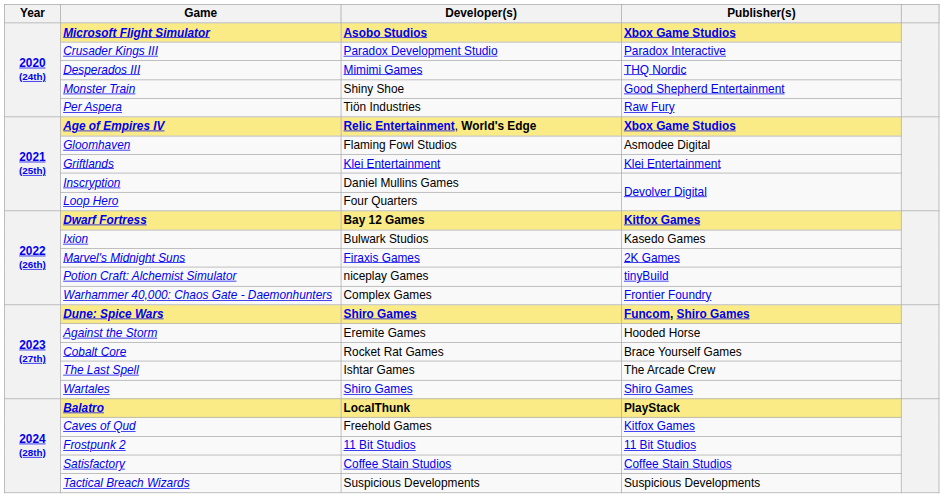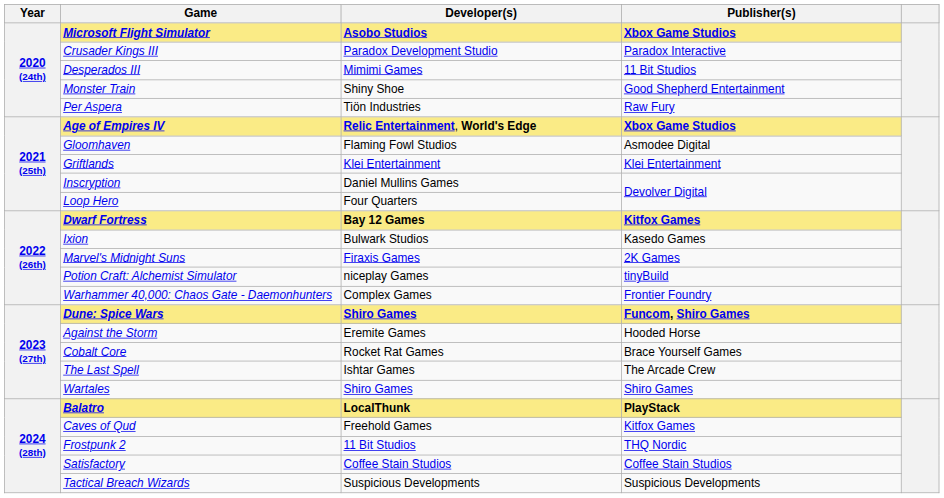 <table class="wikitable sortable" style="width:100%;">
 <tr style="background:#bebebe">
 <th scope="col" style="width:6%;">Year</th>
 <th scope="col" style="width:30%;">Game</th>
 <th scope="col" style="width:30%;">Developer(s)</th>
 <th scope="col" style="width:30%;">Publisher(s)</th>
 <th scope="col" style="width:4%;" class="unsortable"></th>
 </tr>
 <tr>
 <th scope="row" rowspan="5" style="text-align:center"><a href='#'>2020</a> <br><small><a href='#'>(24th)</a> </small></th>
 <td style="background:#FAEB86"><strong><em><a href='#'>Microsoft Flight Simulator</a></em></strong></td>
 <td style="background:#FAEB86"><strong><a href='#'>Asobo Studios</a></strong></td>
 <td style="background:#FAEB86"><strong><a href='#'>Xbox Game Studios</a></strong></td>
 <th scope="row" rowspan="5" style="text-align;center;"></th>
 </tr>
 <tr>
 <td><em><a href='#'>Crusader Kings III</a></em></td>
 <td><a href='#'>Paradox Development Studio</a></td>
 <td><a href='#'>Paradox Interactive</a></td>
 </tr>
 <tr>
 <td><em><a href='#'>Desperados III</a></em></td>
 <td><a href='#'>Mimimi Games</a></td>
-<td><a href='#'>THQ Nordic</a></td>
+<td><a href='#'>11 Bit Studios</a></td>
 </tr>
 <tr>
 <td><em><a href='#'>Monster Train</a></em></td>
 <td>Shiny Shoe</td>
 <td><a href='#'>Good Shepherd Entertainment</a></td>
 </tr>
 <tr>
 <td><em><a href='#'>Per Aspera</a></em></td>
 <td>Tiön Industries</td>
 <td><a href='#'>Raw Fury</a></td>
 </tr>
 <tr>
 <th scope="row" rowspan="5" style="text-align:center"><a href='#'>2021</a> <br><small><a href='#'>(25th)</a> </small></th>
 <td style="background:#FAEB86"><strong><em><a href='#'>Age of Empires IV</a></em></strong></td>
 <td style="background:#FAEB86"><strong><a href='#'>Relic Entertainment</a></strong>, <strong>World's Edge</strong></td>
 <td style="background:#FAEB86"><strong><a href='#'>Xbox Game Studios</a></strong></td>
 <th scope="row" rowspan="5" style="text-align;center;"></th>
 </tr>
 <tr>
 <td><em><a href='#'>Gloomhaven</a></em></td>
 <td>Flaming Fowl Studios</td>
 <td>Asmodee Digital</td>
 </tr>
 <tr>
 <td><em><a href='#'>Griftlands</a></em></td>
 <td><a href='#'>Klei Entertainment</a></td>
 <td><a href='#'>Klei Entertainment</a></td>
 </tr>
 <tr>
 <td><em><a href='#'>Inscryption</a></em></td>
 <td>Daniel Mullins Games</td>
 <td rowspan=2><a href='#'>Devolver Digital</a></td>
 </tr>
 <tr>
 <td><em><a href='#'>Loop Hero</a></em></td>
 <td>Four Quarters</td>
 </tr>
 <tr>
 <th scope="row" rowspan="5" style="text-align:center"><a href='#'>2022</a> <br><small><a href='#'>(26th)</a> </small></th>
 <td style="background:#FAEB86"><strong><em><a href='#'>Dwarf Fortress</a></em></strong></td>
 <td style="background:#FAEB86"><strong>Bay 12 Games</strong></td>
 <td style="background:#FAEB86"><strong><a href='#'>Kitfox Games</a></strong></td>
 <th scope="row" rowspan="5" style="text-align;center;"></th>
 </tr>
 <tr>
 <td><em><a href='#'>Ixion</a></em></td>
 <td>Bulwark Studios</td>
 <td>Kasedo Games</td>
 </tr>
 <tr>
 <td><em><a href='#'>Marvel's Midnight Suns</a></em></td>
 <td><a href='#'>Firaxis Games</a></td>
 <td><a href='#'>2K Games</a></td>
 </tr>
 <tr>
 <td><em><a href='#'>Potion Craft: Alchemist Simulator</a></em></td>
 <td>niceplay Games</td>
 <td><a href='#'>tinyBuild</a></td>
 </tr>
 <tr>
 <td><em><a href='#'>Warhammer 40,000: Chaos Gate - Daemonhunters</a></em></td>
 <td>Complex Games</td>
 <td><a href='#'>Frontier Foundry</a></td>
 </tr>
 <tr>
 <th scope="row" rowspan="5" style="text-align:center"><a href='#'>2023</a> <br><small><a href='#'>(27th)</a> </small></th>
 <td style="background:#FAEB86"><strong><em><a href='#'>Dune: Spice Wars</a></em></strong></td>
 <td style="background:#FAEB86"><strong><a href='#'>Shiro Games</a></strong></td>
 <td style="background:#FAEB86"><strong><a href='#'>Funcom</a>, <a href='#'>Shiro Games</a></strong></td>
 <th scope="row" rowspan="5" style="text-align;center;"></th>
 </tr>
 <tr>
 <td><em><a href='#'>Against the Storm</a></em></td>
 <td>Eremite Games</td>
 <td>Hooded Horse</td>
 </tr>
 <tr>
 <td><em><a href='#'>Cobalt Core</a></em></td>
 <td>Rocket Rat Games</td>
 <td>Brace Yourself Games</td>
 </tr>
 <tr>
 <td><em><a href='#'>The Last Spell</a></em></td>
 <td>Ishtar Games</td>
 <td>The Arcade Crew</td>
 </tr>
 <tr>
 <td><em><a href='#'>Wartales</a></em></td>
 <td><a href='#'>Shiro Games</a></td>
 <td><a href='#'>Shiro Games</a></td>
 </tr>
 <tr>
 <th scope="row" rowspan="5" style="text-align:center"><a href='#'>2024</a> <br><small><a href='#'>(28th)</a> </small></th>
 <td style="background:#FAEB86"><strong><em><a href='#'>Balatro</a></em></strong></td>
 <td style="background:#FAEB86"><strong>LocalThunk</strong></td>
 <td style="background:#FAEB86"><strong>PlayStack</strong></td>
 <th scope="row" rowspan="5" style="text-align;center;"></th>
 </tr>
 <tr>
 <td><em><a href='#'>Caves of Qud</a></em></td>
 <td>Freehold Games</td>
 <td><a href='#'>Kitfox Games</a></td>
 </tr>
 <tr>
 <td><em><a href='#'>Frostpunk 2</a></em></td>
 <td><a href='#'>11 Bit Studios</a></td>
-<td><a href='#'>11 Bit Studios</a></td>
+<td><a href='#'>THQ Nordic</a></td>
 </tr>
 <tr>
 <td><em><a href='#'>Satisfactory</a></em></td>
 <td><a href='#'>Coffee Stain Studios</a></td>
 <td><a href='#'>Coffee Stain Studios</a></td>
 </tr>
 <tr>
 <td><em><a href='#'>Tactical Breach Wizards</a></em></td>
 <td>Suspicious Developments</td>
 <td>Suspicious Developments</td>
 </tr>
 </table>
